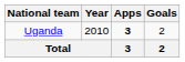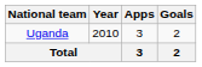 <table class="wikitable" style="text-align:center">
 <tr>
 <th>National team</th>
 <th>Year</th>
 <th>Apps</th>
 <th>Goals</th>
 </tr>
 <tr>
 <td rowspan="1"><a href='#'>Uganda</a></td>
 <td>2010</td>
-<td><strong>3</strong></td>
+<td>3</td>
 <td>2</td>
 </tr>
 <tr>
 <th colspan="2">Total</th>
 <th>3</th>
 <th>2</th>
 </tr>
 </table>
